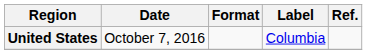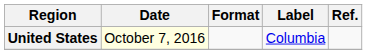 <table class="wikitable plainrowheaders">
 <tr>
 <th>Region</th>
 <th>Date</th>
 <th>Format</th>
 <th>Label</th>
 <th>Ref.</th>
 </tr>
 <tr>
 <th scope="row" rowspan="1">United States</th>
-<td rowspan="1">October 7, 2016</td>
+<td rowspan="1" style="background: lightyellow;">October 7, 2016</td>
 <td rowspan="1"></td>
 <td rowspan="1"><a href='#'>Columbia</a></td>
 <td style="text-align:center;"></td>
 </tr>
 <tr>
 </tr>
 </table>
